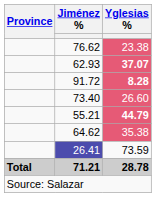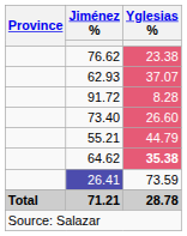 <table class="wikitable sortable" style="text-align:right; font-size:95%">
 <tr>
 <th rowspan=2><a href='#'>Province</a></th>
 <th width=60px><a href='#'>Jiménez</a> %</th>
 <th width=60px><a href='#'>Yglesias</a> %</th>
 </tr>
 <tr>
 <th style="background:"></th>
 <th style="background:"></th>
 </tr>
 <tr>
 <td align="left"></td>
 <td style="background:">76.62</td>
 <td style="background:#e65a76; color:white;">23.38</td>
 </tr>
 <tr>
 <td align="left"></td>
 <td style="background:">62.93</td>
-<td style="background:#e65a76; color:white;"><strong>37.07</strong></td>
+<td style="background:#e65a76; color:white;">37.07</td>
 </tr>
 <tr>
 <td align="left"></td>
 <td style="background:">91.72</td>
-<td style="background:#e65a76; color:white;"><strong>8.28</strong></td>
+<td style="background:#e65a76; color:white;">8.28</td>
 </tr>
 <tr>
 <td align="left"></td>
 <td style="background:">73.40</td>
 <td style="background:#e65a76; color:white;">26.60</td>
 </tr>
 <tr>
 <td align="left"></td>
 <td style="background:">55.21</td>
-<td style="background:#e65a76; color:white;"><strong>44.79</strong></td>
+<td style="background:#e65a76; color:white;">44.79</td>
 </tr>
 <tr>
 <td align="left"></td>
 <td style="background:">64.62</td>
-<td style="background:#e65a76; color:white;">35.38</td>
+<td style="background:#e65a76; color:white;"><strong>35.38</strong></td>
 </tr>
 <tr>
 <td align="left"></td>
 <td style="background:#4c4cad; color:white;">26.41</td>
 <td style="background:">73.59</td>
 </tr>
 <tr style="background:#CDCDCD;" class=sortbottom>
 <td align="left"><strong>Total</strong></td>
 <td style="background:"><strong>71.21</strong></td>
 <td><strong>28.78</strong></td>
 </tr>
 <tr class=sortbottom>
 <td align=left colspan=11>Source: Salazar</td>
 </tr>
 </table>
